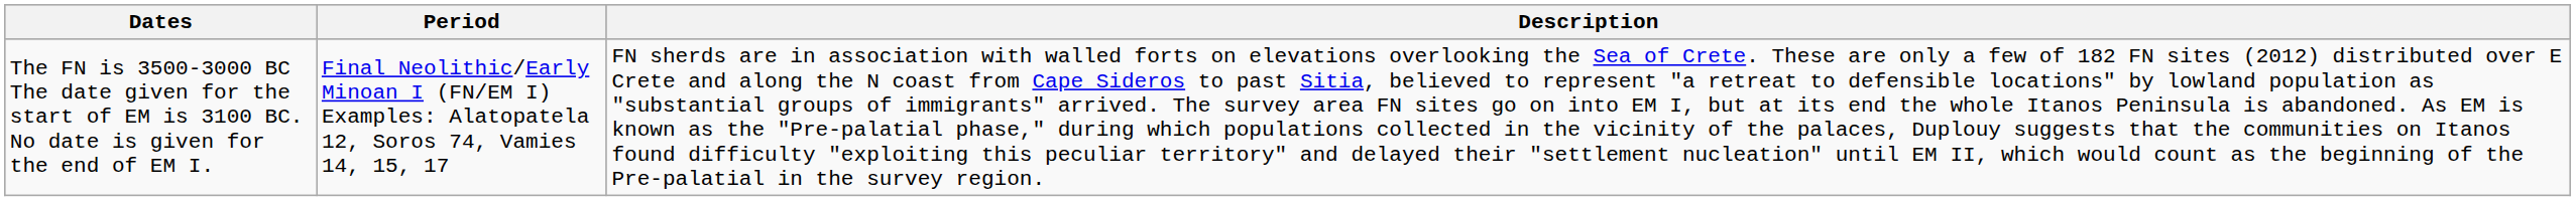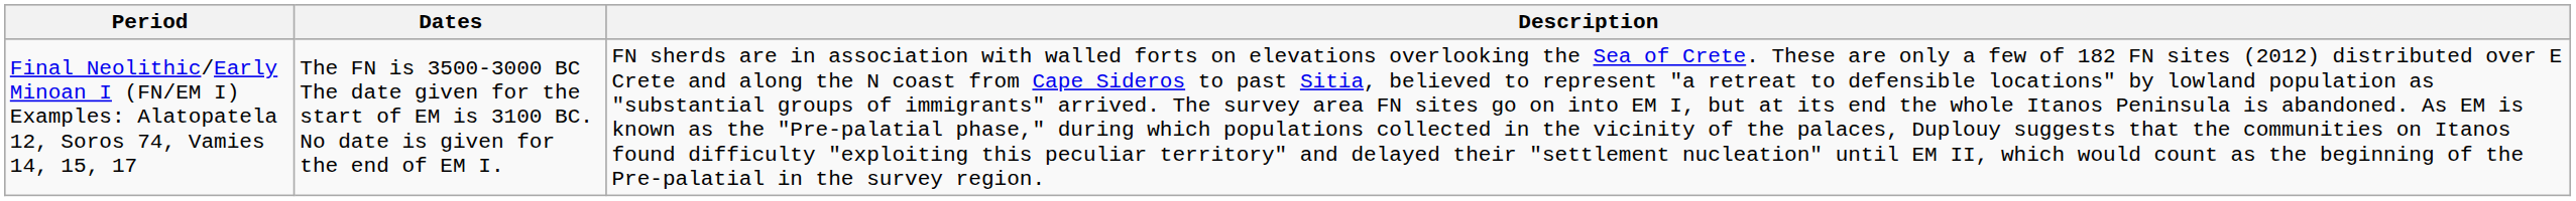 <table class="wikitable" border=1 style="border-collapse:collapse">
 <tr>
+<th>Period</th>
 <th>Dates</th>
-<th>Period</th>
 <th>Description</th>
 </tr>
 <tr>
+<td><a href='#'>Final Neolithic</a>/<a href='#'>Early Minoan I</a> (FN/EM I)<br>Examples: Alatopatela 12, Soros 74, Vamies 14, 15, 17</td>
 <td>The FN is 3500-3000 BC The date given for the start of EM is 3100 BC. No date is given for the end of EM I.</td>
-<td><a href='#'>Final Neolithic</a>/<a href='#'>Early Minoan I</a> (FN/EM I)<br>Examples: Alatopatela 12, Soros 74, Vamies 14, 15, 17</td>
 <td>FN sherds are in association with walled forts on elevations overlooking the <a href='#'>Sea of Crete</a>. These are only a few of 182 FN sites (2012) distributed over E Crete and along the N coast from <a href='#'>Cape Sideros</a> to past <a href='#'>Sitia</a>, believed to represent "a retreat to defensible locations" by lowland population as "substantial groups of immigrants" arrived. The survey area FN sites go on into EM I, but at its end the whole Itanos Peninsula is abandoned. As EM is known as the "Pre-palatial phase," during which populations collected in the vicinity of the palaces, Duplouy suggests that the communities on Itanos found difficulty "exploiting this peculiar territory" and delayed their "settlement nucleation" until EM II, which would count as the beginning of the Pre-palatial in the survey region.</td>
 </tr>
 </table>
